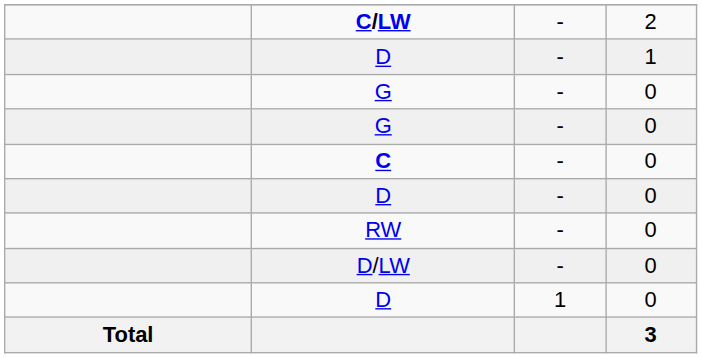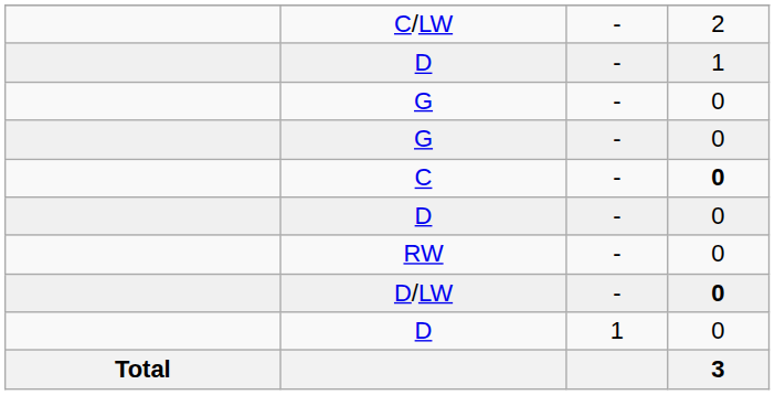 <table class="wikitable sortable" width ="40%">
 <tr align="center">
 </tr>
 <tr align="center" bgcolor="">
 <td></td>
-<td><strong><a href='#'>C</a>/<a href='#'>LW</a></strong></td>
+<td><a href='#'>C</a>/<a href='#'>LW</a></td>
 <td>-</td>
 <td>2</td>
 </tr>
 <tr align="center" bgcolor="f0f0f0">
 <td></td>
 <td><a href='#'>D</a></td>
 <td>-</td>
 <td>1</td>
 </tr>
 <tr align="center" bgcolor="">
 <td></td>
 <td><a href='#'>G</a></td>
 <td>-</td>
 <td>0</td>
 </tr>
 <tr align="center" bgcolor="f0f0f0">
 <td></td>
 <td><a href='#'>G</a></td>
 <td>-</td>
 <td>0</td>
 </tr>
 <tr align="center" bgcolor="">
 <td></td>
-<td><strong><a href='#'>C</a></strong></td>
+<td><a href='#'>C</a></td>
 <td>-</td>
-<td>0</td>
+<td><strong>0</strong></td>
 </tr>
 <tr align="center" bgcolor="f0f0f0">
 <td></td>
 <td><a href='#'>D</a></td>
 <td>-</td>
 <td>0</td>
 </tr>
 <tr align="center" bgcolor="">
 <td></td>
 <td><a href='#'>RW</a></td>
 <td>-</td>
 <td>0</td>
 </tr>
 <tr align="center" bgcolor="f0f0f0">
 <td></td>
 <td><a href='#'>D</a>/<a href='#'>LW</a></td>
 <td>-</td>
-<td>0</td>
+<td><strong>0</strong></td>
 </tr>
 <tr align="center" bgcolor="">
 <td></td>
 <td><a href='#'>D</a></td>
 <td>1</td>
 <td>0</td>
 </tr>
 <tr>
 <th>Total</th>
 <th></th>
 <th></th>
 <th>3</th>
 </tr>
 </table>
